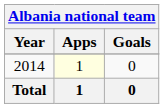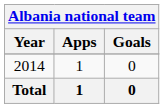 <table class="wikitable" style="text-align:center">
 <tr>
 <th colspan=3><a href='#'>Albania national team</a></th>
 </tr>
 <tr>
 <th>Year</th>
 <th>Apps</th>
 <th>Goals</th>
 </tr>
 <tr>
 </tr>
 <tr>
 <td>2014</td>
-<td style="background: lightyellow;">1</td>
+<td>1</td>
 <td>0</td>
 </tr>
 <tr>
 <th>Total</th>
 <th>1</th>
 <th>0</th>
 </tr>
 </table>
